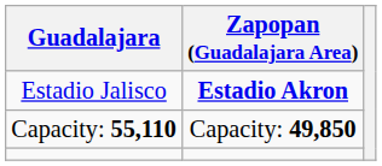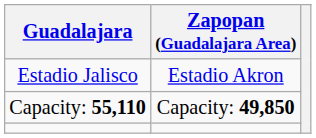 <table class=wikitable style="text-align:center"">
 <tr>
 <th><a href='#'>Guadalajara</a></th>
 <th><a href='#'>Zapopan</a><br><small>(<a href='#'>Guadalajara Area</a>)</small></th>
 <th rowspan="4"></th>
 </tr>
 <tr>
 <td><a href='#'>Estadio Jalisco</a></td>
-<td><strong><a href='#'>Estadio Akron</a></strong></td>
+<td><a href='#'>Estadio Akron</a></td>
 </tr>
 <tr>
 <td>Capacity: <strong>55,110</strong></td>
 <td>Capacity: <strong>49,850</strong></td>
 </tr>
 <tr>
 <td></td>
 <td></td>
 </tr>
 </table>
